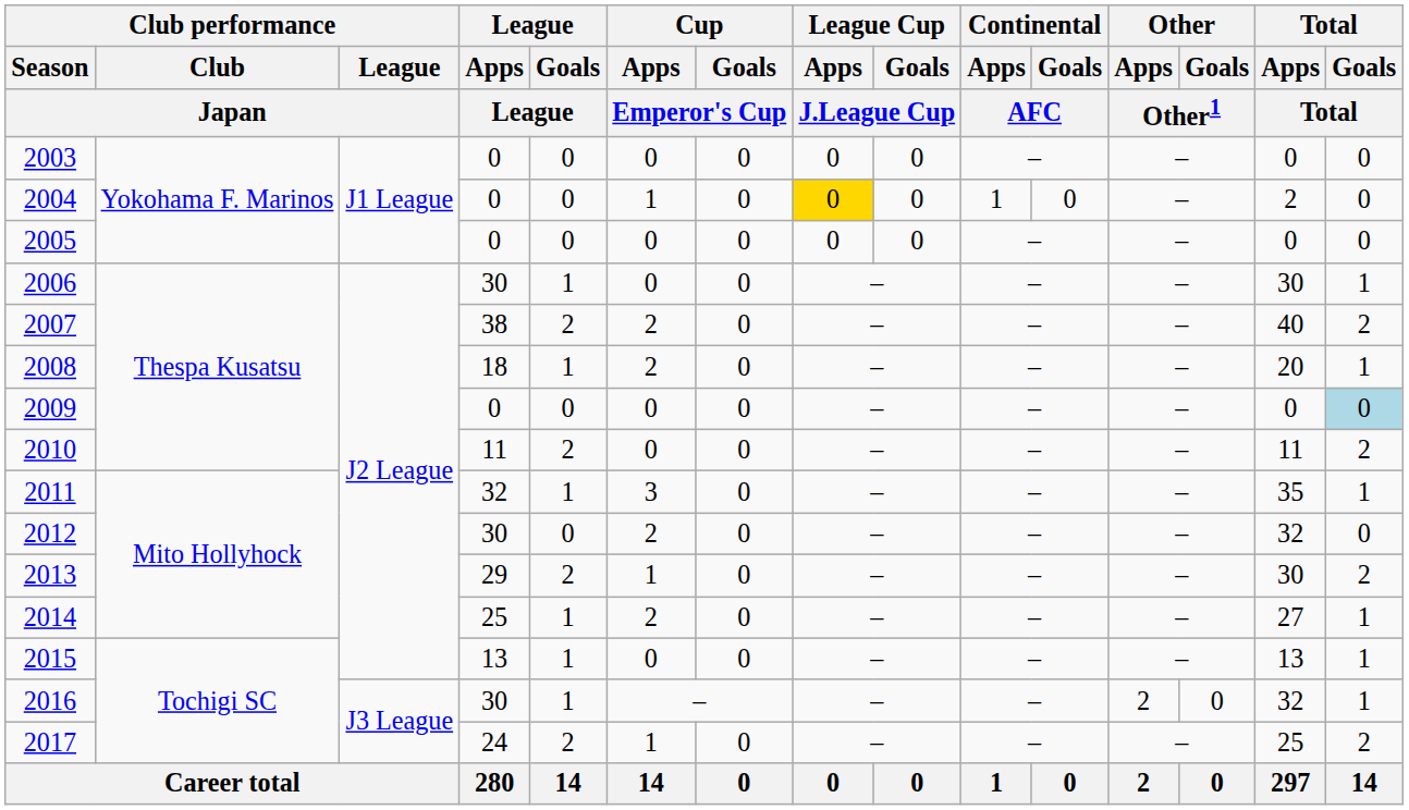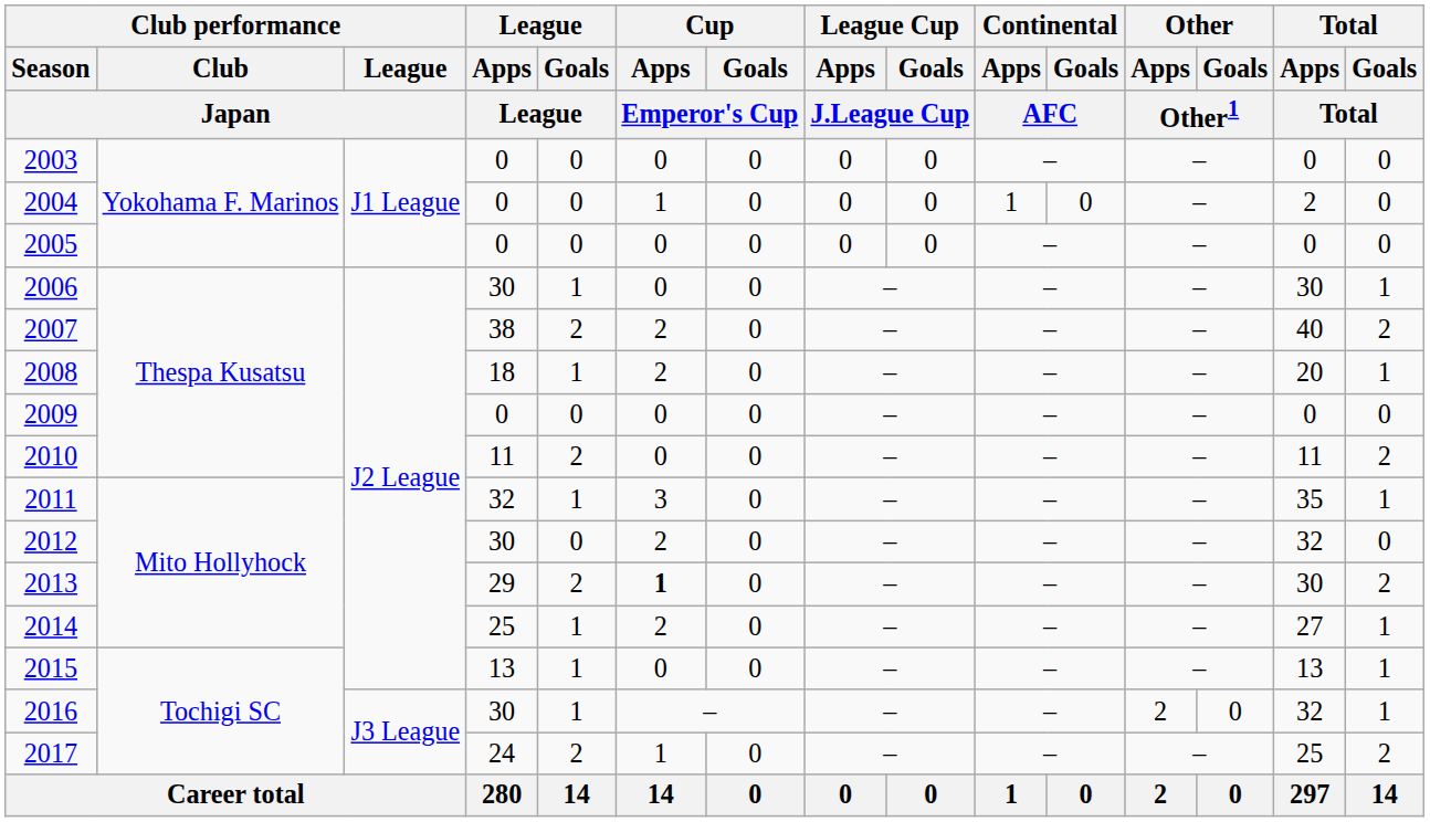 <table class="wikitable" style="text-align:center">
 <tr>
 <th colspan=3>Club performance</th>
 <th colspan=2>League</th>
 <th colspan=2>Cup</th>
 <th colspan=2>League Cup</th>
 <th colspan=2>Continental</th>
 <th colspan=2>Other</th>
 <th colspan=2>Total</th>
 </tr>
 <tr>
 <th>Season</th>
 <th>Club</th>
 <th>League</th>
 <th>Apps</th>
 <th>Goals</th>
 <th>Apps</th>
 <th>Goals</th>
 <th>Apps</th>
 <th>Goals</th>
 <th>Apps</th>
 <th>Goals</th>
 <th>Apps</th>
 <th>Goals</th>
 <th>Apps</th>
 <th>Goals</th>
 </tr>
 <tr>
 <th colspan=3>Japan</th>
 <th colspan=2>League</th>
 <th colspan=2><a href='#'>Emperor's Cup</a></th>
 <th colspan=2><a href='#'>J.League Cup</a></th>
 <th colspan=2><a href='#'>AFC</a></th>
 <th colspan="2">Other<sup><a href='#'>1</a></sup></th>
 <th colspan=2>Total</th>
 </tr>
 <tr>
 <td><a href='#'>2003</a></td>
 <td rowspan="3"><a href='#'>Yokohama F. Marinos</a></td>
 <td rowspan="3"><a href='#'>J1 League</a></td>
 <td>0</td>
 <td>0</td>
 <td>0</td>
 <td>0</td>
 <td>0</td>
 <td>0</td>
 <td colspan="2">–</td>
 <td colspan="2">–</td>
 <td>0</td>
 <td>0</td>
 </tr>
 <tr>
 <td><a href='#'>2004</a></td>
 <td>0</td>
 <td>0</td>
 <td>1</td>
 <td>0</td>
-<td style="background: gold;">0</td>
+<td>0</td>
 <td>0</td>
 <td>1</td>
 <td>0</td>
 <td colspan="2">–</td>
 <td>2</td>
 <td>0</td>
 </tr>
 <tr>
 <td><a href='#'>2005</a></td>
 <td>0</td>
 <td>0</td>
 <td>0</td>
 <td>0</td>
 <td>0</td>
 <td>0</td>
 <td colspan="2">–</td>
 <td colspan="2">–</td>
 <td>0</td>
 <td>0</td>
 </tr>
 <tr>
 <td><a href='#'>2006</a></td>
 <td rowspan="5"><a href='#'>Thespa Kusatsu</a></td>
 <td rowspan="10"><a href='#'>J2 League</a></td>
 <td>30</td>
 <td>1</td>
 <td>0</td>
 <td>0</td>
 <td colspan="2">–</td>
 <td colspan="2">–</td>
 <td colspan="2">–</td>
 <td>30</td>
 <td>1</td>
 </tr>
 <tr>
 <td><a href='#'>2007</a></td>
 <td>38</td>
 <td>2</td>
 <td>2</td>
 <td>0</td>
 <td colspan="2">–</td>
 <td colspan="2">–</td>
 <td colspan="2">–</td>
 <td>40</td>
 <td>2</td>
 </tr>
 <tr>
 <td><a href='#'>2008</a></td>
 <td>18</td>
 <td>1</td>
 <td>2</td>
 <td>0</td>
 <td colspan="2">–</td>
 <td colspan="2">–</td>
 <td colspan="2">–</td>
 <td>20</td>
 <td>1</td>
 </tr>
 <tr>
 <td><a href='#'>2009</a></td>
 <td>0</td>
 <td>0</td>
 <td>0</td>
 <td>0</td>
 <td colspan="2">–</td>
 <td colspan="2">–</td>
 <td colspan="2">–</td>
 <td>0</td>
-<td style="background: lightblue;">0</td>
+<td>0</td>
 </tr>
 <tr>
 <td><a href='#'>2010</a></td>
 <td>11</td>
 <td>2</td>
 <td>0</td>
 <td>0</td>
 <td colspan="2">–</td>
 <td colspan="2">–</td>
 <td colspan="2">–</td>
 <td>11</td>
 <td>2</td>
 </tr>
 <tr>
 <td><a href='#'>2011</a></td>
 <td rowspan="4"><a href='#'>Mito Hollyhock</a></td>
 <td>32</td>
 <td>1</td>
 <td>3</td>
 <td>0</td>
 <td colspan="2">–</td>
 <td colspan="2">–</td>
 <td colspan="2">–</td>
 <td>35</td>
 <td>1</td>
 </tr>
 <tr>
 <td><a href='#'>2012</a></td>
 <td>30</td>
 <td>0</td>
 <td>2</td>
 <td>0</td>
 <td colspan="2">–</td>
 <td colspan="2">–</td>
 <td colspan="2">–</td>
 <td>32</td>
 <td>0</td>
 </tr>
 <tr>
 <td><a href='#'>2013</a></td>
 <td>29</td>
 <td>2</td>
-<td>1</td>
+<td><strong>1</strong></td>
 <td>0</td>
 <td colspan="2">–</td>
 <td colspan="2">–</td>
 <td colspan="2">–</td>
 <td>30</td>
 <td>2</td>
 </tr>
 <tr>
 <td><a href='#'>2014</a></td>
 <td>25</td>
 <td>1</td>
 <td>2</td>
 <td>0</td>
 <td colspan="2">–</td>
 <td colspan="2">–</td>
 <td colspan="2">–</td>
 <td>27</td>
 <td>1</td>
 </tr>
 <tr>
 <td><a href='#'>2015</a></td>
 <td rowspan="3"><a href='#'>Tochigi SC</a></td>
 <td>13</td>
 <td>1</td>
 <td>0</td>
 <td>0</td>
 <td colspan="2">–</td>
 <td colspan="2">–</td>
 <td colspan="2">–</td>
 <td>13</td>
 <td>1</td>
 </tr>
 <tr>
 <td><a href='#'>2016</a></td>
 <td rowspan="2"><a href='#'>J3 League</a></td>
 <td>30</td>
 <td>1</td>
 <td colspan="2">–</td>
 <td colspan="2">–</td>
 <td colspan="2">–</td>
 <td>2</td>
 <td>0</td>
 <td>32</td>
 <td>1</td>
 </tr>
 <tr>
 <td><a href='#'>2017</a></td>
 <td>24</td>
 <td>2</td>
 <td>1</td>
 <td>0</td>
 <td colspan="2">–</td>
 <td colspan="2">–</td>
 <td colspan="2">–</td>
 <td>25</td>
 <td>2</td>
 </tr>
 <tr>
 <th colspan=3>Career total</th>
 <th>280</th>
 <th>14</th>
 <th>14</th>
 <th>0</th>
 <th>0</th>
 <th>0</th>
 <th>1</th>
 <th>0</th>
 <th>2</th>
 <th>0</th>
 <th>297</th>
 <th>14</th>
 </tr>
 </table>
